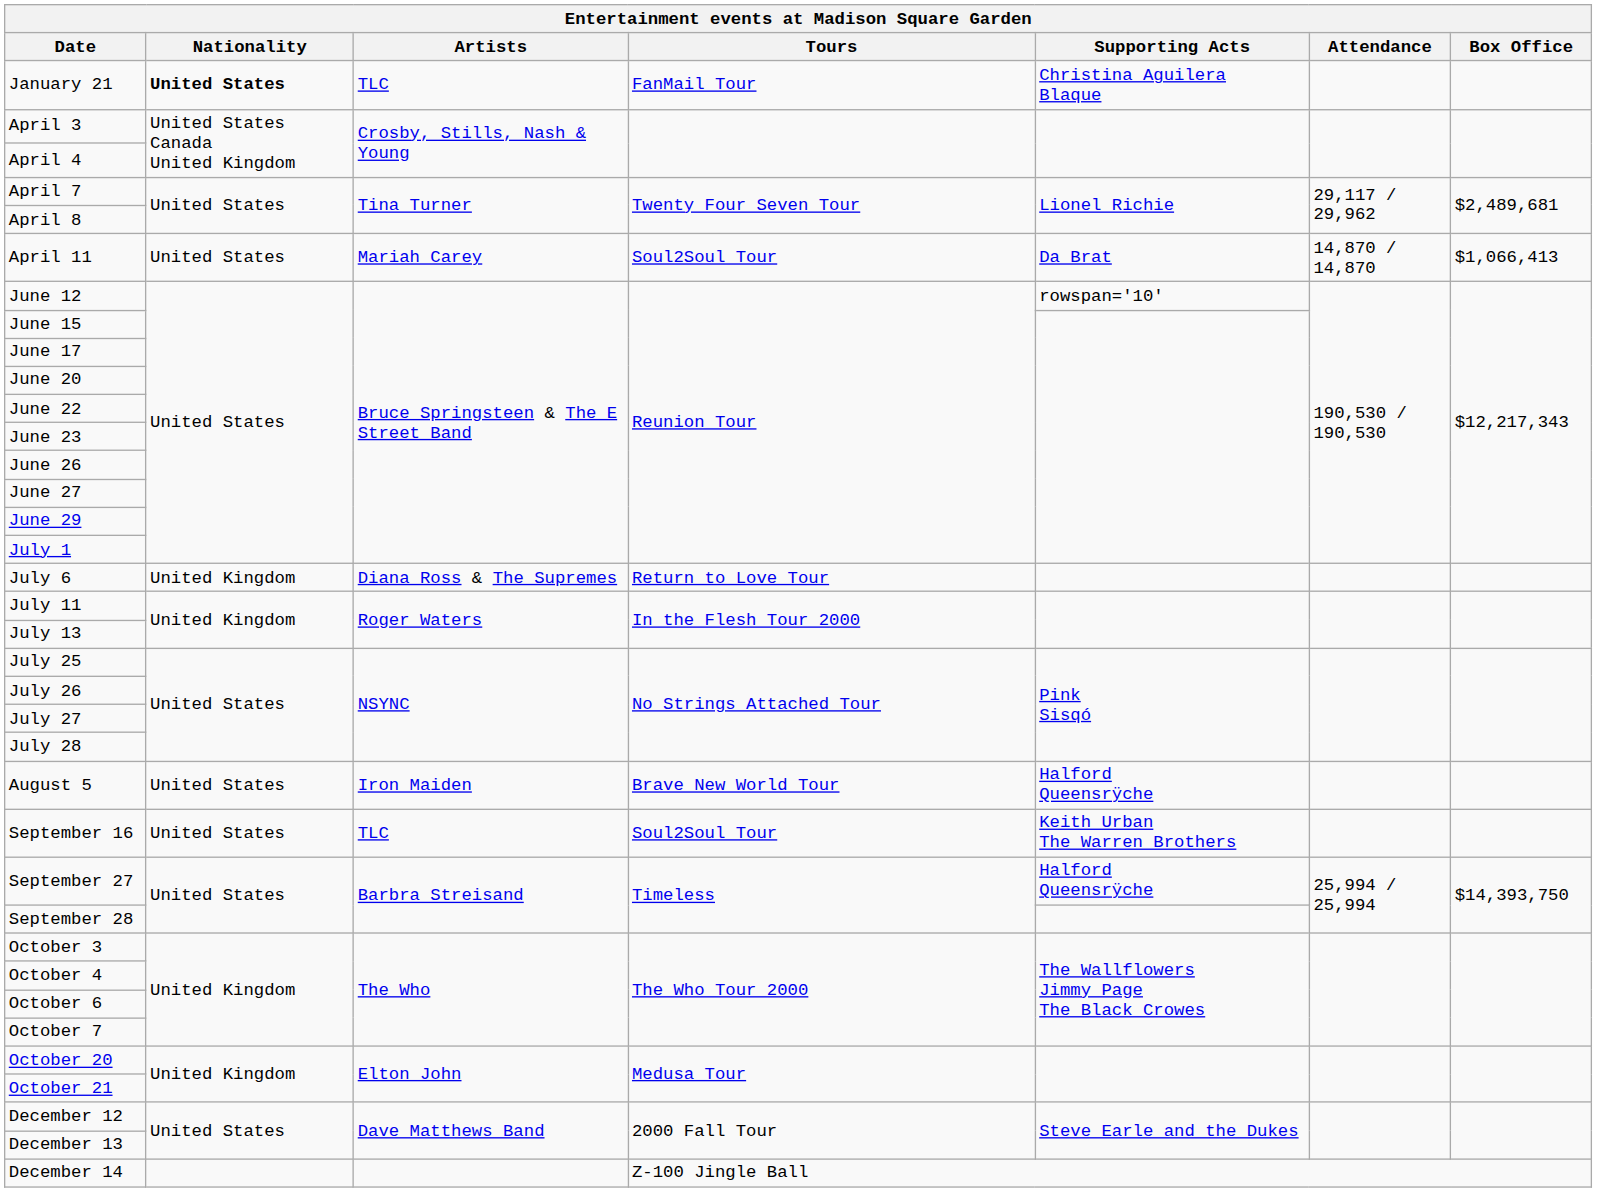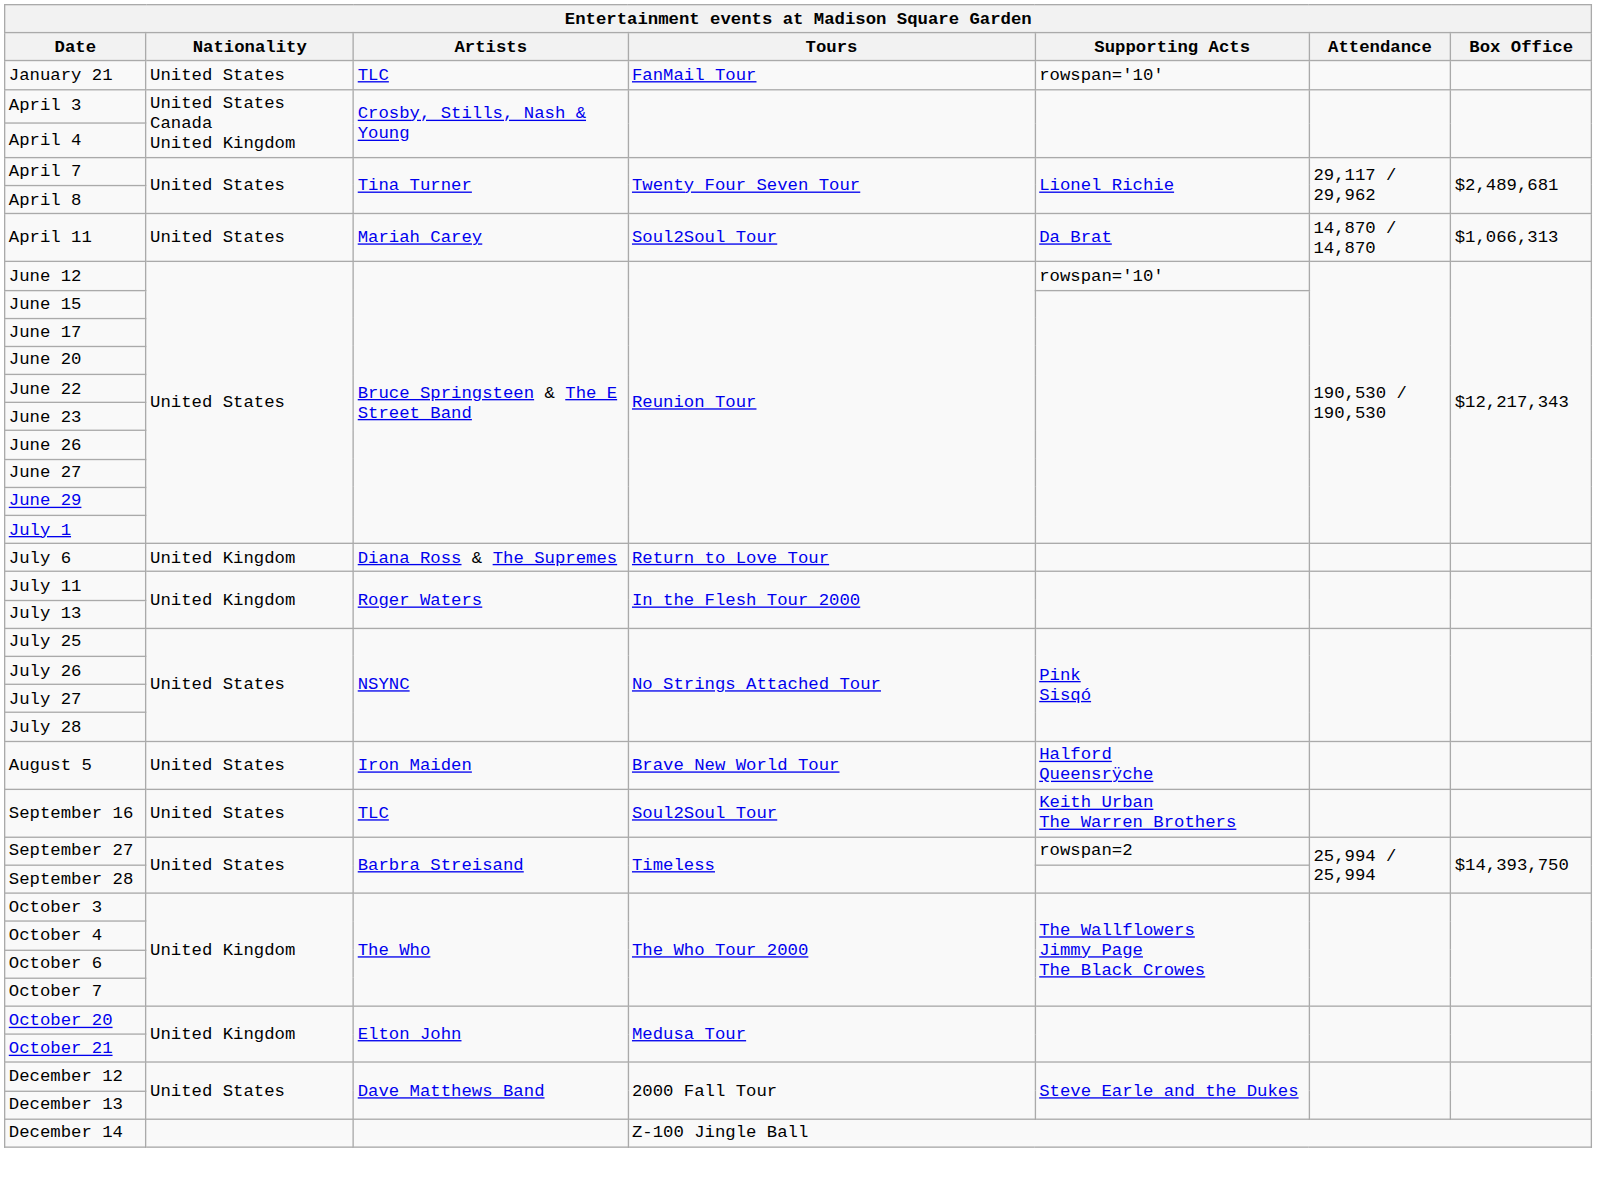 <table class="wikitable">
 <tr>
 <th colspan="7">Entertainment events at Madison Square Garden</th>
 </tr>
 <tr>
 <th width=100>Date</th>
 <th width=150>Nationality</th>
 <th width=200>Artists</th>
 <th width=300>Tours</th>
 <th width=200>Supporting Acts</th>
 <th width=100>Attendance</th>
 <th width=100>Box Office</th>
 </tr>
 <tr>
 <td>January 21</td>
-<td><strong>United States</strong></td>
+<td>United States</td>
 <td><a href='#'>TLC</a></td>
 <td><a href='#'>FanMail Tour</a></td>
-<td><a href='#'>Christina Aguilera</a><br><a href='#'>Blaque</a></td>
+<td>rowspan='10'</td>
 <td></td>
 <td></td>
 </tr>
 <tr>
 <td>April 3</td>
 <td rowspan=2>United States<br>Canada<br>United Kingdom</td>
 <td rowspan=2><a href='#'>Crosby, Stills, Nash & Young</a></td>
 <td rowspan=2></td>
 <td rowspan=2></td>
 <td rowspan=2></td>
 <td rowspan=2></td>
 </tr>
 <tr>
 <td>April 4</td>
 </tr>
 <tr>
 <td>April 7</td>
 <td rowspan=2>United States</td>
 <td rowspan=2><a href='#'>Tina Turner</a></td>
 <td rowspan=2><a href='#'>Twenty Four Seven Tour</a></td>
 <td rowspan=2><a href='#'>Lionel Richie</a></td>
 <td rowspan=2>29,117 / 29,962</td>
 <td rowspan=2>$2,489,681</td>
 </tr>
 <tr>
 <td>April 8</td>
 </tr>
 <tr>
 <td>April 11</td>
 <td>United States</td>
 <td><a href='#'>Mariah Carey</a></td>
 <td><a href='#'>Soul2Soul Tour</a></td>
 <td><a href='#'>Da Brat</a></td>
 <td>14,870 / 14,870</td>
-<td>$1,066,413</td>
+<td>$1,066,313</td>
 </tr>
 <tr>
 <td>June 12</td>
 <td rowspan='10'>United States</td>
 <td rowspan='10'><a href='#'>Bruce Springsteen</a> & <a href='#'>The E Street Band</a></td>
 <td rowspan='10'><a href='#'>Reunion Tour</a></td>
 <td>rowspan='10'</td>
 <td rowspan='10'>190,530 / 190,530</td>
 <td rowspan='10'>$12,217,343</td>
 </tr>
 <tr>
 <td>June 15</td>
 </tr>
 <tr>
 <td>June 17</td>
 </tr>
 <tr>
 <td>June 20</td>
 </tr>
 <tr>
 <td>June 22</td>
 </tr>
 <tr>
 <td>June 23</td>
 </tr>
 <tr>
 <td>June 26</td>
 </tr>
 <tr>
 <td>June 27</td>
 </tr>
 <tr>
 <td><a href='#'>June 29</a></td>
 </tr>
 <tr>
 <td><a href='#'>July 1</a></td>
 </tr>
 <tr>
 <td>July 6</td>
 <td>United Kingdom</td>
 <td><a href='#'>Diana Ross</a> & <a href='#'>The Supremes</a></td>
 <td><a href='#'>Return to Love Tour</a></td>
 <td></td>
 <td></td>
 <td></td>
 </tr>
 <tr>
 <td>July 11</td>
 <td rowspan="2">United Kingdom</td>
 <td rowspan="2"><a href='#'>Roger Waters</a></td>
 <td rowspan="2"><a href='#'>In the Flesh Tour 2000</a></td>
 <td rowspan="2"></td>
 <td rowspan="2"></td>
 </tr>
 <tr>
 <td>July 13</td>
 </tr>
 <tr>
 <td>July 25</td>
 <td rowspan=4>United States</td>
 <td rowspan=4><a href='#'>NSYNC</a></td>
 <td rowspan=4><a href='#'>No Strings Attached Tour</a></td>
 <td rowspan=4><a href='#'>Pink</a><br><a href='#'>Sisqó</a></td>
 <td rowspan=4></td>
 <td rowspan=4></td>
 </tr>
 <tr>
 <td>July 26</td>
 </tr>
 <tr>
 <td>July 27</td>
 </tr>
 <tr>
 <td>July 28</td>
 </tr>
 <tr>
 <td>August 5</td>
 <td>United States</td>
 <td><a href='#'>Iron Maiden</a></td>
 <td><a href='#'>Brave New World Tour</a></td>
 <td><a href='#'>Halford</a><br><a href='#'>Queensrÿche</a></td>
 <td></td>
 <td></td>
 </tr>
 <tr>
 <td>September 16</td>
 <td>United States</td>
 <td><a href='#'>TLC</a></td>
 <td><a href='#'>Soul2Soul Tour</a></td>
 <td><a href='#'>Keith Urban</a><br><a href='#'>The Warren Brothers</a></td>
 <td></td>
 <td></td>
 </tr>
 <tr>
 <td>September 27</td>
 <td rowspan=2>United States</td>
 <td rowspan=2><a href='#'>Barbra Streisand</a></td>
 <td rowspan=2><a href='#'>Timeless</a></td>
-<td><a href='#'>Halford</a><br><a href='#'>Queensrÿche</a></td>
+<td>rowspan=2 </td>
 <td rowspan=2>25,994 / 25,994</td>
 <td rowspan=2>$14,393,750</td>
 </tr>
 <tr>
 <td>September 28</td>
 </tr>
 <tr>
 <td>October 3</td>
 <td rowspan=4>United Kingdom</td>
 <td rowspan=4><a href='#'>The Who</a></td>
 <td rowspan=4><a href='#'>The Who Tour 2000</a></td>
 <td rowspan=4><a href='#'>The Wallflowers</a><br><a href='#'>Jimmy Page</a><br><a href='#'>The Black Crowes</a></td>
 <td rowspan=4></td>
 <td rowspan=4></td>
 </tr>
 <tr>
 <td>October 4</td>
 </tr>
 <tr>
 <td>October 6</td>
 </tr>
 <tr>
 <td>October 7</td>
 </tr>
 <tr>
 <td><a href='#'>October 20</a></td>
 <td rowspan=2>United Kingdom</td>
 <td rowspan=2><a href='#'>Elton John</a></td>
 <td rowspan=2><a href='#'>Medusa Tour</a></td>
 <td rowspan=2></td>
 <td rowspan=2></td>
 <td rowspan=2></td>
 </tr>
 <tr>
 <td><a href='#'>October 21</a></td>
 </tr>
 <tr>
 <td>December 12</td>
 <td rowspan=2>United States</td>
 <td rowspan=2><a href='#'>Dave Matthews Band</a></td>
 <td rowspan=2>2000 Fall Tour</td>
 <td rowspan=2><a href='#'>Steve Earle and the Dukes</a></td>
 <td rowspan=2></td>
 <td rowspan=2></td>
 </tr>
 <tr>
 <td>December 13</td>
 </tr>
 <tr>
 <td>December 14</td>
 <td></td>
 <td></td>
 <td colspan="4">Z-100 Jingle Ball</td>
 </tr>
 </table>
